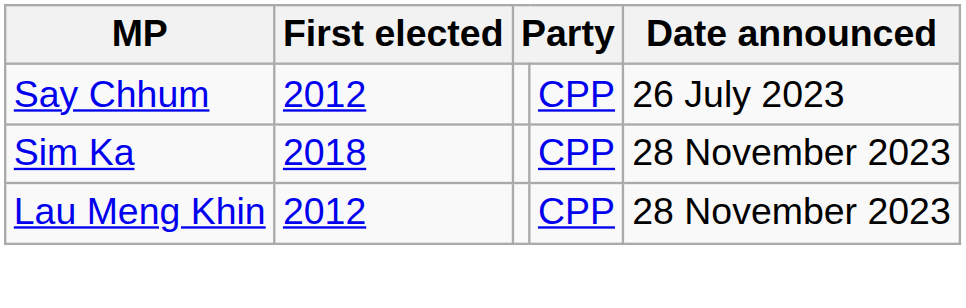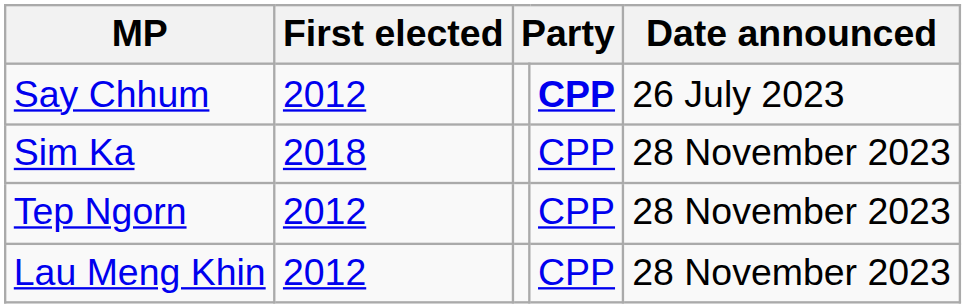 <table class="wikitable sortable">
 <tr>
 <th scope="col">MP</th>
 <th scope="col">First elected</th>
 <th colspan="2">Party</th>
 <th scope="col">Date announced</th>
 </tr>
 <tr>
 <td><a href='#'>Say Chhum</a></td>
 <td><a href='#'>2012</a></td>
 <td></td>
-<td><a href='#'>CPP</a></td>
+<td><strong><a href='#'>CPP</a></strong></td>
 <td>26 July 2023</td>
 </tr>
 <tr>
 <td><a href='#'>Sim Ka</a></td>
 <td><a href='#'>2018</a></td>
+<td></td>
+<td><a href='#'>CPP</a></td>
+<td>28 November 2023</td>
+</tr>
+<tr>
+<td><a href='#'>Tep Ngorn</a></td>
+<td><a href='#'>2012</a></td>
 <td></td>
 <td><a href='#'>CPP</a></td>
 <td>28 November 2023</td>
 </tr>
 <tr>
 <td><a href='#'>Lau Meng Khin</a></td>
 <td><a href='#'>2012</a></td>
 <td></td>
 <td><a href='#'>CPP</a></td>
 <td>28 November 2023</td>
 </tr>
 </table>
